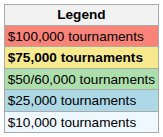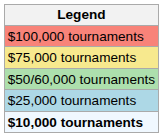 <table class=wikitable style="font-size:85%">
 <tr>
 <th>Legend</th>
 </tr>
 <tr style="background:#f88379;">
 <td>$100,000 tournaments</td>
 </tr>
 <tr style="background:#f7e98e;">
-<td><strong>$75,000 tournaments</strong></td>
+<td>$75,000 tournaments</td>
 </tr>
 <tr style="background:#addfad;">
 <td>$50/60,000 tournaments</td>
 </tr>
 <tr style="background:lightblue;">
 <td>$25,000 tournaments</td>
 </tr>
 <tr style="background:#f0f8ff;">
-<td>$10,000 tournaments</td>
+<td><strong>$10,000 tournaments</strong></td>
 </tr>
 </table>
